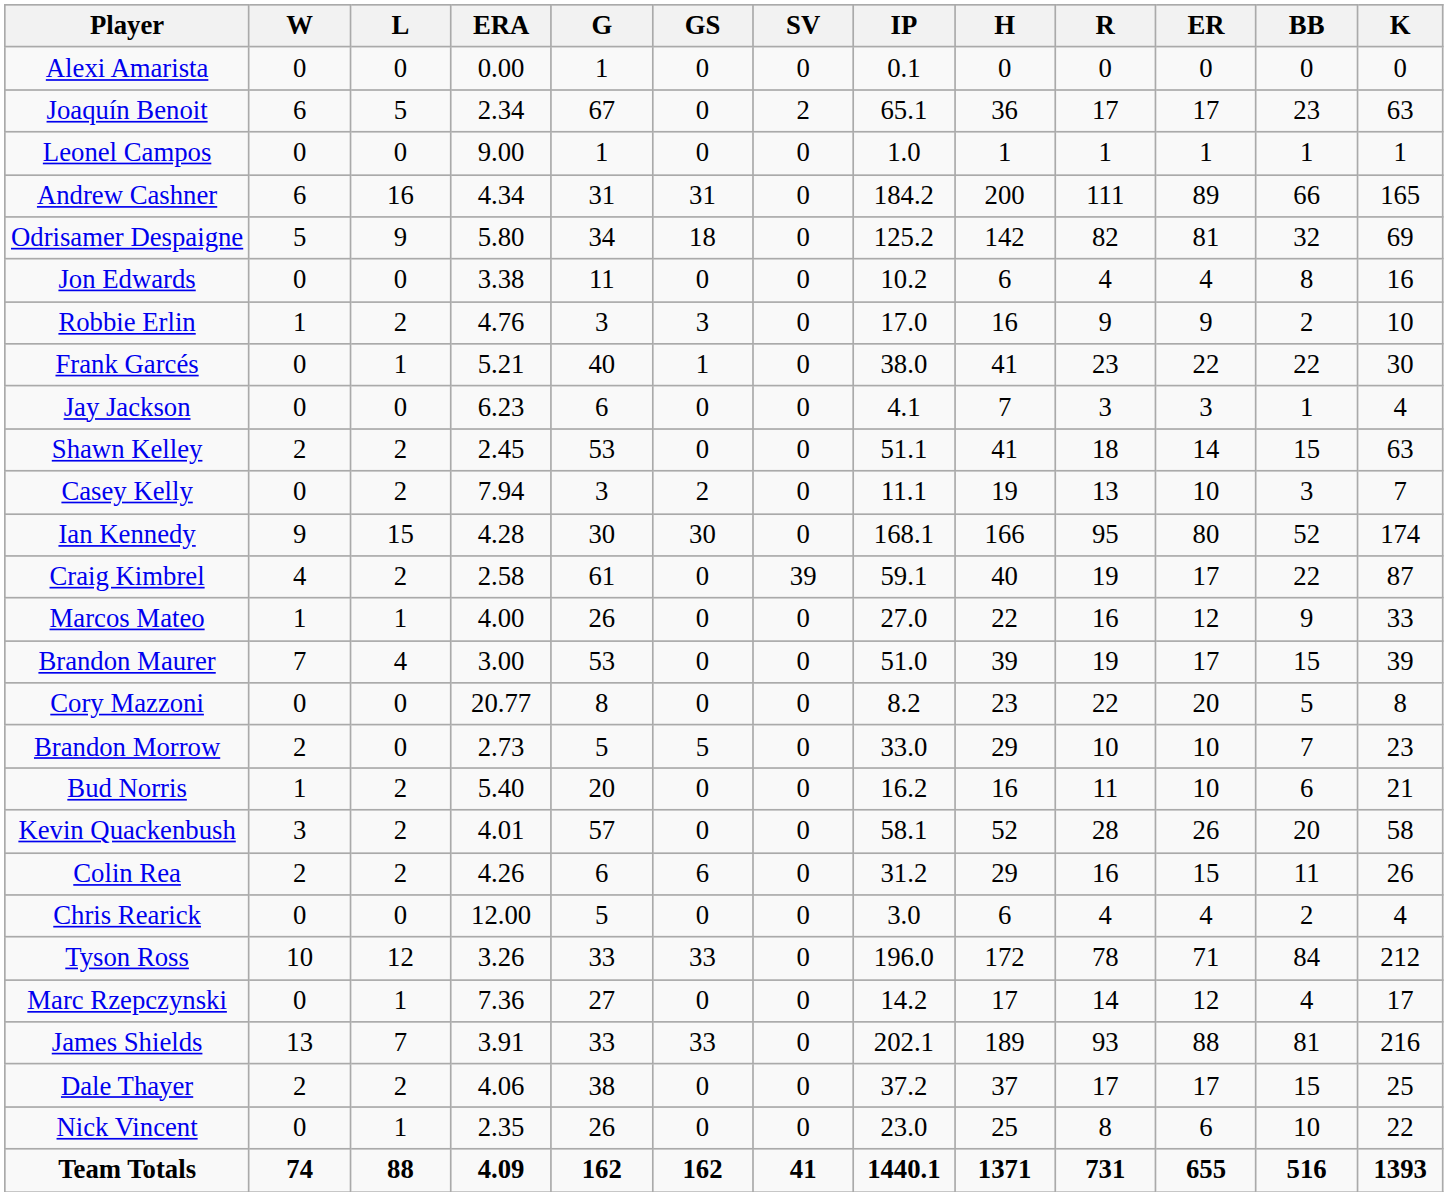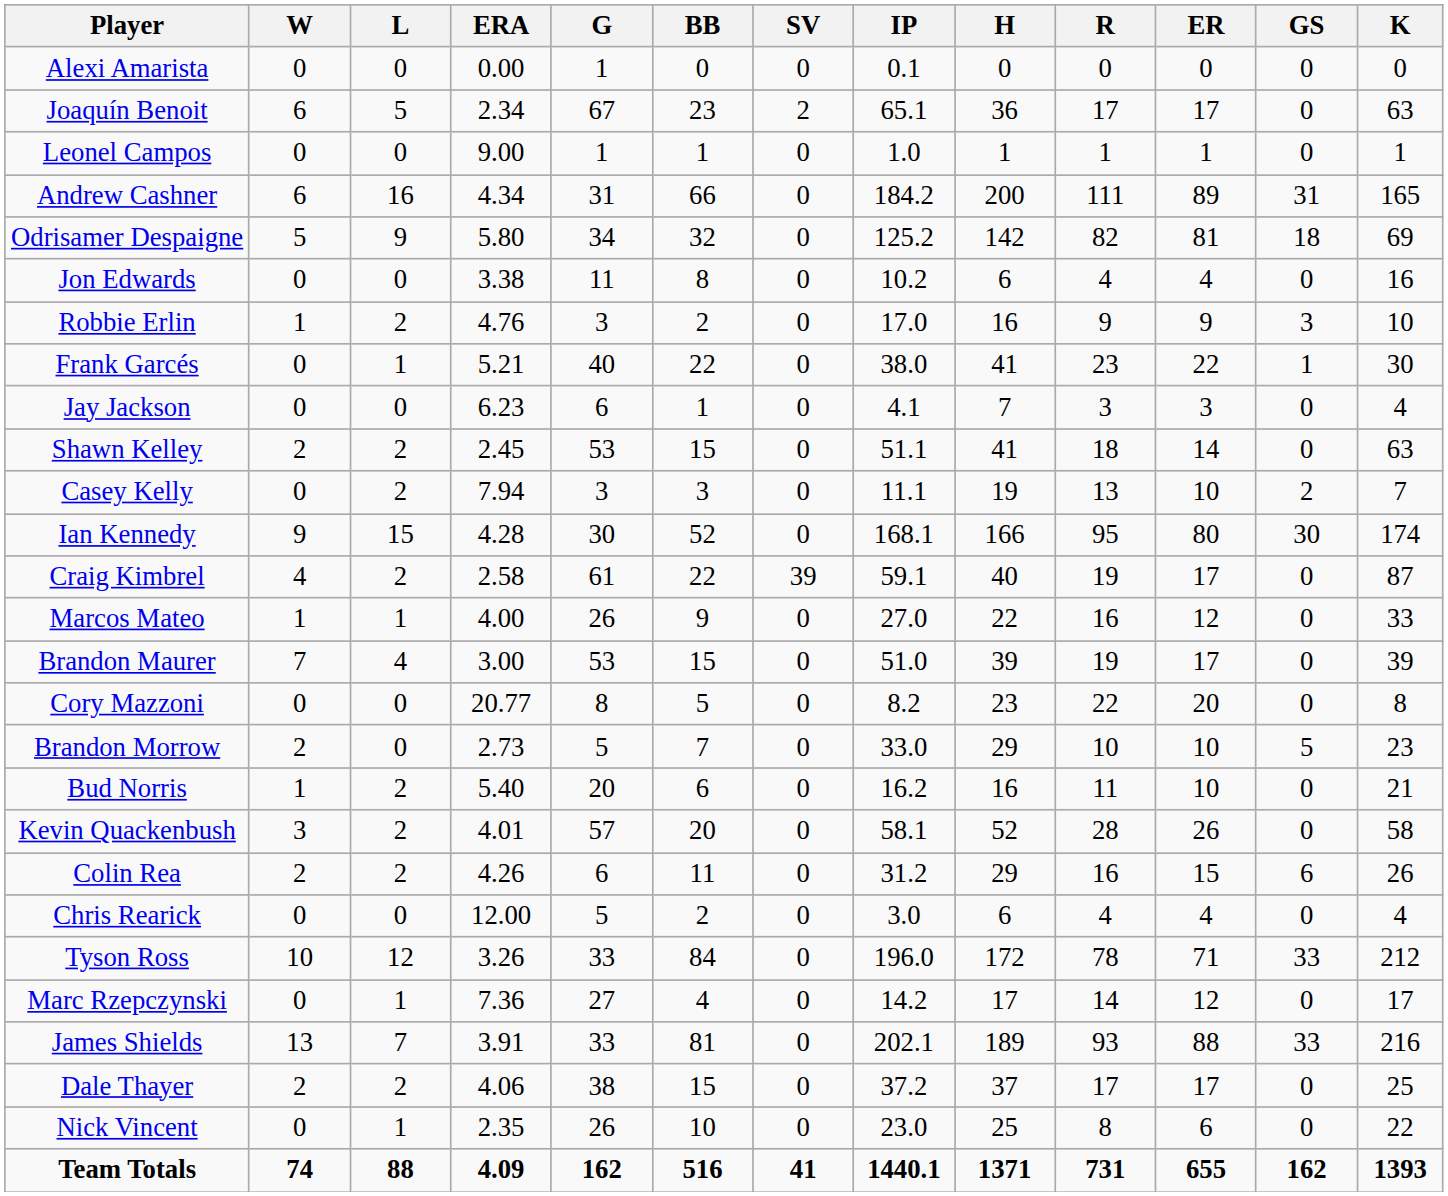 <table class="wikitable sortable" style="text-align:center; border:1; cellpadding:2; cellspacing:0;">
 <tr>
 <th bgcolor="#DDDDFF" width="17%">Player</th>
 <th bgcolor="#DDDDFF" width="7%">W</th>
 <th bgcolor="#DDDDFF" width="7%">L</th>
 <th bgcolor="#DDDDFF" width="7%">ERA</th>
 <th bgcolor="#DDDDFF" width="7%">G</th>
-<th bgcolor="#DDDDFF" width="7%">GS</th>
+<th bgcolor="#DDDDFF" width="7%">BB</th>
 <th bgcolor="#DDDDFF" width="7%">SV</th>
 <th bgcolor="#DDDDFF" width="7%">IP</th>
 <th bgcolor="#DDDDFF" width="7%">H</th>
 <th bgcolor="#DDDDFF" width="7%">R</th>
 <th bgcolor="#DDDDFF" width="7%">ER</th>
-<th bgcolor="#DDDDFF" width="7%">BB</th>
+<th bgcolor="#DDDDFF" width="7%">GS</th>
 <th bgcolor="#DDDDFF" width="7%">K</th>
 </tr>
 <tr style="text-align:center;">
 <td><a href='#'>Alexi Amarista</a></td>
 <td>0</td>
 <td>0</td>
 <td>0.00</td>
 <td>1</td>
 <td>0</td>
 <td>0</td>
 <td>0.1</td>
 <td>0</td>
 <td>0</td>
 <td>0</td>
 <td>0</td>
 <td>0</td>
 </tr>
 <tr align=center>
 <td><a href='#'>Joaquín Benoit</a></td>
 <td>6</td>
 <td>5</td>
 <td>2.34</td>
 <td>67</td>
-<td>0</td>
+<td>23</td>
 <td>2</td>
 <td>65.1</td>
 <td>36</td>
 <td>17</td>
 <td>17</td>
-<td>23</td>
+<td>0</td>
 <td>63</td>
 </tr>
 <tr align=center>
 <td><a href='#'>Leonel Campos</a></td>
 <td>0</td>
 <td>0</td>
 <td>9.00</td>
 <td>1</td>
-<td>0</td>
+<td>1</td>
 <td>0</td>
 <td>1.0</td>
 <td>1</td>
 <td>1</td>
 <td>1</td>
-<td>1</td>
+<td>0</td>
 <td>1</td>
 </tr>
 <tr align=center>
 <td><a href='#'>Andrew Cashner</a></td>
 <td>6</td>
 <td>16</td>
 <td>4.34</td>
 <td>31</td>
-<td>31</td>
+<td>66</td>
 <td>0</td>
 <td>184.2</td>
 <td>200</td>
 <td>111</td>
 <td>89</td>
-<td>66</td>
+<td>31</td>
 <td>165</td>
 </tr>
 <tr align=center>
 <td><a href='#'>Odrisamer Despaigne</a></td>
 <td>5</td>
 <td>9</td>
 <td>5.80</td>
 <td>34</td>
-<td>18</td>
+<td>32</td>
 <td>0</td>
 <td>125.2</td>
 <td>142</td>
 <td>82</td>
 <td>81</td>
-<td>32</td>
+<td>18</td>
 <td>69</td>
 </tr>
 <tr align=center>
 <td><a href='#'>Jon Edwards</a></td>
 <td>0</td>
 <td>0</td>
 <td>3.38</td>
 <td>11</td>
-<td>0</td>
+<td>8</td>
 <td>0</td>
 <td>10.2</td>
 <td>6</td>
 <td>4</td>
 <td>4</td>
-<td>8</td>
+<td>0</td>
 <td>16</td>
 </tr>
 <tr align=center>
 <td><a href='#'>Robbie Erlin</a></td>
 <td>1</td>
 <td>2</td>
 <td>4.76</td>
 <td>3</td>
-<td>3</td>
+<td>2</td>
 <td>0</td>
 <td>17.0</td>
 <td>16</td>
 <td>9</td>
 <td>9</td>
-<td>2</td>
+<td>3</td>
 <td>10</td>
 </tr>
 <tr align=center>
 <td><a href='#'>Frank Garcés</a></td>
 <td>0</td>
 <td>1</td>
 <td>5.21</td>
 <td>40</td>
-<td>1</td>
+<td>22</td>
 <td>0</td>
 <td>38.0</td>
 <td>41</td>
 <td>23</td>
 <td>22</td>
-<td>22</td>
+<td>1</td>
 <td>30</td>
 </tr>
 <tr align=center>
 <td><a href='#'>Jay Jackson</a></td>
 <td>0</td>
 <td>0</td>
 <td>6.23</td>
 <td>6</td>
-<td>0</td>
+<td>1</td>
 <td>0</td>
 <td>4.1</td>
 <td>7</td>
 <td>3</td>
 <td>3</td>
-<td>1</td>
+<td>0</td>
 <td>4</td>
 </tr>
 <tr align=center>
 <td><a href='#'>Shawn Kelley</a></td>
 <td>2</td>
 <td>2</td>
 <td>2.45</td>
 <td>53</td>
-<td>0</td>
+<td>15</td>
 <td>0</td>
 <td>51.1</td>
 <td>41</td>
 <td>18</td>
 <td>14</td>
-<td>15</td>
+<td>0</td>
 <td>63</td>
 </tr>
 <tr align=center>
 <td><a href='#'>Casey Kelly</a></td>
 <td>0</td>
 <td>2</td>
 <td>7.94</td>
 <td>3</td>
-<td>2</td>
+<td>3</td>
 <td>0</td>
 <td>11.1</td>
 <td>19</td>
 <td>13</td>
 <td>10</td>
-<td>3</td>
+<td>2</td>
 <td>7</td>
 </tr>
 <tr align=center>
 <td><a href='#'>Ian Kennedy</a></td>
 <td>9</td>
 <td>15</td>
 <td>4.28</td>
 <td>30</td>
-<td>30</td>
+<td>52</td>
 <td>0</td>
 <td>168.1</td>
 <td>166</td>
 <td>95</td>
 <td>80</td>
-<td>52</td>
+<td>30</td>
 <td>174</td>
 </tr>
 <tr align=center>
 <td><a href='#'>Craig Kimbrel</a></td>
 <td>4</td>
 <td>2</td>
 <td>2.58</td>
 <td>61</td>
-<td>0</td>
+<td>22</td>
 <td>39</td>
 <td>59.1</td>
 <td>40</td>
 <td>19</td>
 <td>17</td>
-<td>22</td>
+<td>0</td>
 <td>87</td>
 </tr>
 <tr align=center>
 <td><a href='#'>Marcos Mateo</a></td>
 <td>1</td>
 <td>1</td>
 <td>4.00</td>
 <td>26</td>
-<td>0</td>
+<td>9</td>
 <td>0</td>
 <td>27.0</td>
 <td>22</td>
 <td>16</td>
 <td>12</td>
-<td>9</td>
+<td>0</td>
 <td>33</td>
 </tr>
 <tr align=center>
 <td><a href='#'>Brandon Maurer</a></td>
 <td>7</td>
 <td>4</td>
 <td>3.00</td>
 <td>53</td>
-<td>0</td>
+<td>15</td>
 <td>0</td>
 <td>51.0</td>
 <td>39</td>
 <td>19</td>
 <td>17</td>
-<td>15</td>
+<td>0</td>
 <td>39</td>
 </tr>
 <tr align=center>
 <td><a href='#'>Cory Mazzoni</a></td>
 <td>0</td>
 <td>0</td>
 <td>20.77</td>
 <td>8</td>
-<td>0</td>
+<td>5</td>
 <td>0</td>
 <td>8.2</td>
 <td>23</td>
 <td>22</td>
 <td>20</td>
-<td>5</td>
+<td>0</td>
 <td>8</td>
 </tr>
 <tr align=center>
 <td><a href='#'>Brandon Morrow</a></td>
 <td>2</td>
 <td>0</td>
 <td>2.73</td>
 <td>5</td>
-<td>5</td>
+<td>7</td>
 <td>0</td>
 <td>33.0</td>
 <td>29</td>
 <td>10</td>
 <td>10</td>
-<td>7</td>
+<td>5</td>
 <td>23</td>
 </tr>
 <tr align=center>
 <td><a href='#'>Bud Norris</a></td>
 <td>1</td>
 <td>2</td>
 <td>5.40</td>
 <td>20</td>
-<td>0</td>
+<td>6</td>
 <td>0</td>
 <td>16.2</td>
 <td>16</td>
 <td>11</td>
 <td>10</td>
-<td>6</td>
+<td>0</td>
 <td>21</td>
 </tr>
 <tr align=center>
 <td><a href='#'>Kevin Quackenbush</a></td>
 <td>3</td>
 <td>2</td>
 <td>4.01</td>
 <td>57</td>
-<td>0</td>
+<td>20</td>
 <td>0</td>
 <td>58.1</td>
 <td>52</td>
 <td>28</td>
 <td>26</td>
-<td>20</td>
+<td>0</td>
 <td>58</td>
 </tr>
 <tr align=center>
 <td><a href='#'>Colin Rea</a></td>
 <td>2</td>
 <td>2</td>
 <td>4.26</td>
 <td>6</td>
-<td>6</td>
+<td>11</td>
 <td>0</td>
 <td>31.2</td>
 <td>29</td>
 <td>16</td>
 <td>15</td>
-<td>11</td>
+<td>6</td>
 <td>26</td>
 </tr>
 <tr align=center>
 <td><a href='#'>Chris Rearick</a></td>
 <td>0</td>
 <td>0</td>
 <td>12.00</td>
 <td>5</td>
-<td>0</td>
+<td>2</td>
 <td>0</td>
 <td>3.0</td>
 <td>6</td>
 <td>4</td>
 <td>4</td>
-<td>2</td>
+<td>0</td>
 <td>4</td>
 </tr>
 <tr align=center>
 <td><a href='#'>Tyson Ross</a></td>
 <td>10</td>
 <td>12</td>
 <td>3.26</td>
 <td>33</td>
-<td>33</td>
+<td>84</td>
 <td>0</td>
 <td>196.0</td>
 <td>172</td>
 <td>78</td>
 <td>71</td>
-<td>84</td>
+<td>33</td>
 <td>212</td>
 </tr>
 <tr align=center>
 <td><a href='#'>Marc Rzepczynski</a></td>
 <td>0</td>
 <td>1</td>
 <td>7.36</td>
 <td>27</td>
-<td>0</td>
+<td>4</td>
 <td>0</td>
 <td>14.2</td>
 <td>17</td>
 <td>14</td>
 <td>12</td>
-<td>4</td>
+<td>0</td>
 <td>17</td>
 </tr>
 <tr align=center>
 <td><a href='#'>James Shields</a></td>
 <td>13</td>
 <td>7</td>
 <td>3.91</td>
 <td>33</td>
-<td>33</td>
+<td>81</td>
 <td>0</td>
 <td>202.1</td>
 <td>189</td>
 <td>93</td>
 <td>88</td>
-<td>81</td>
+<td>33</td>
 <td>216</td>
 </tr>
 <tr align=center>
 <td><a href='#'>Dale Thayer</a></td>
 <td>2</td>
 <td>2</td>
 <td>4.06</td>
 <td>38</td>
-<td>0</td>
+<td>15</td>
 <td>0</td>
 <td>37.2</td>
 <td>37</td>
 <td>17</td>
 <td>17</td>
-<td>15</td>
+<td>0</td>
 <td>25</td>
 </tr>
 <tr align=center>
 <td><a href='#'>Nick Vincent</a></td>
 <td>0</td>
 <td>1</td>
 <td>2.35</td>
 <td>26</td>
-<td>0</td>
+<td>10</td>
 <td>0</td>
 <td>23.0</td>
 <td>25</td>
 <td>8</td>
 <td>6</td>
-<td>10</td>
+<td>0</td>
 <td>22</td>
 </tr>
 <tr align=center>
 <td><strong>Team Totals</strong></td>
 <td><strong>74</strong></td>
 <td><strong>88</strong></td>
 <td><strong>4.09</strong></td>
 <td><strong>162</strong></td>
-<td><strong>162</strong></td>
+<td><strong>516</strong></td>
 <td><strong>41</strong></td>
 <td><strong>1440.1</strong></td>
 <td><strong>1371</strong></td>
 <td><strong>731</strong></td>
 <td><strong>655</strong></td>
-<td><strong>516</strong></td>
+<td><strong>162</strong></td>
 <td><strong>1393</strong></td>
 </tr>
 </table>
